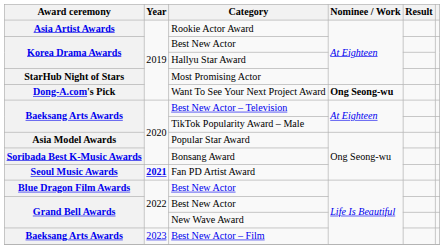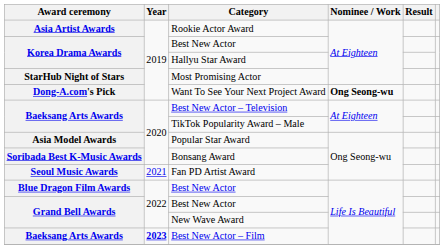 <table class="wikitable plainrowheaders sortable">
 <tr>
 <th scope="col">Award ceremony</th>
 <th scope="col">Year</th>
 <th scope="col">Category</th>
 <th scope="col">Nominee / Work</th>
 <th scope="col">Result</th>
 <th scope="col" class="unsortable"></th>
 </tr>
 <tr>
 <th scope="row"><a href='#'>Asia Artist Awards</a></th>
 <td style="text-align:center" rowspan="5">2019</td>
 <td>Rookie Actor Award</td>
 <td rowspan="4"><em><a href='#'>At Eighteen</a></em></td>
 <td></td>
 <td style="text-align:center"></td>
 </tr>
 <tr>
 <th scope="row" rowspan="2"><a href='#'>Korea Drama Awards</a></th>
 <td>Best New Actor</td>
 <td></td>
 <td style="text-align:center" rowspan="2"></td>
 </tr>
 <tr>
 <td>Hallyu Star Award</td>
 <td></td>
 </tr>
 <tr>
 <th scope="row">StarHub Night of Stars</th>
 <td>Most Promising Actor</td>
 <td></td>
 <td style="text-align:center"></td>
 </tr>
 <tr>
 <th scope="row"><a href='#'>Dong-A.com</a>'s Pick</th>
 <td>Want To See Your Next Project Award</td>
 <td><strong>Ong Seong-wu</strong></td>
 <td></td>
 <td style="text-align:center"></td>
 </tr>
 <tr>
 <th scope="row" rowspan="2"><a href='#'>Baeksang Arts Awards</a></th>
 <td style="text-align:center" rowspan="4">2020</td>
 <td><a href='#'>Best New Actor – Television</a></td>
 <td rowspan="2"><em><a href='#'>At Eighteen</a></em></td>
 <td></td>
 <td style="text-align:center"></td>
 </tr>
 <tr>
 <td>TikTok Popularity Award – Male</td>
 <td></td>
 <td style="text-align:center"></td>
 </tr>
 <tr>
 <th scope="row">Asia Model Awards</th>
 <td>Popular Star Award</td>
 <td rowspan="3">Ong Seong-wu</td>
 <td></td>
 <td style="text-align:center"></td>
 </tr>
 <tr>
 <th scope="row"><a href='#'>Soribada Best K-Music Awards</a></th>
 <td>Bonsang Award</td>
 <td></td>
 <td style="text-align:center"></td>
 </tr>
 <tr>
 <th scope="row"><a href='#'>Seoul Music Awards</a></th>
-<td style="text-align:center"><strong><a href='#'>2021</a></strong></td>
+<td style="text-align:center"><a href='#'>2021</a></td>
 <td>Fan PD Artist Award</td>
 <td></td>
 <td style="text-align:center"></td>
 </tr>
 <tr>
 <th scope="row"><a href='#'>Blue Dragon Film Awards</a></th>
 <td style="text-align:center" rowspan="3">2022</td>
 <td><a href='#'>Best New Actor</a></td>
 <td rowspan="4"><em><a href='#'>Life Is Beautiful</a></em></td>
 <td></td>
 <td style="text-align:center"></td>
 </tr>
 <tr>
 <th scope="row"  rowspan="2"><a href='#'>Grand Bell Awards</a></th>
 <td>Best New Actor</td>
 <td></td>
 <td style="text-align:center"></td>
 </tr>
 <tr>
 <td>New Wave Award</td>
 <td></td>
 <td style="text-align:center"></td>
 </tr>
 <tr>
 <th scope="row"><a href='#'>Baeksang Arts Awards</a></th>
-<td style="text-align:center"><a href='#'>2023</a></td>
+<td style="text-align:center"><strong><a href='#'>2023</a></strong></td>
 <td><a href='#'>Best New Actor – Film</a></td>
 <td></td>
 <td style="text-align:center"></td>
 </tr>
 <tr>
 </tr>
 </table>
